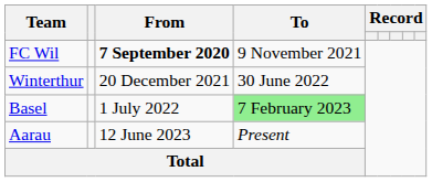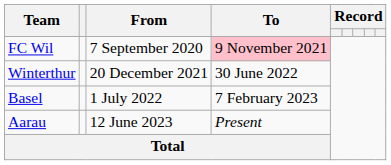 <table class="wikitable" style="text-align: center">
 <tr>
 <th rowspan="2">Team</th>
 <th rowspan=2></th>
 <th rowspan="2">From</th>
 <th rowspan="2">To</th>
 <th colspan="8">Record</th>
 </tr>
 <tr>
 <th></th>
 <th></th>
 <th></th>
 <th></th>
 <th></th>
 </tr>
 <tr>
 <td align="left"><a href='#'>FC Wil</a></td>
 <td></td>
-<td align="left"><strong>7 September 2020</strong></td>
-<td align="left">9 November 2021<br></td>
+<td align="left">7 September 2020</td>
+<td align="left" style="background: pink;">9 November 2021<br></td>
 </tr>
 <tr>
 <td align="left"><a href='#'>Winterthur</a></td>
 <td></td>
 <td align="left">20 December 2021</td>
 <td align="left">30 June 2022<br></td>
 </tr>
 <tr>
 <td align="left"><a href='#'>Basel</a></td>
 <td></td>
 <td align="left">1 July 2022</td>
-<td align="left" style="background: lightgreen;">7 February 2023<br></td>
+<td align="left">7 February 2023<br></td>
 </tr>
 <tr>
 <td align="left"><a href='#'>Aarau</a></td>
 <td></td>
 <td align="left">12 June 2023</td>
 <td align="left"><em>Present</em><br></td>
 </tr>
 <tr>
 <th colspan=4>Total<br></th>
 </tr>
 </table>
